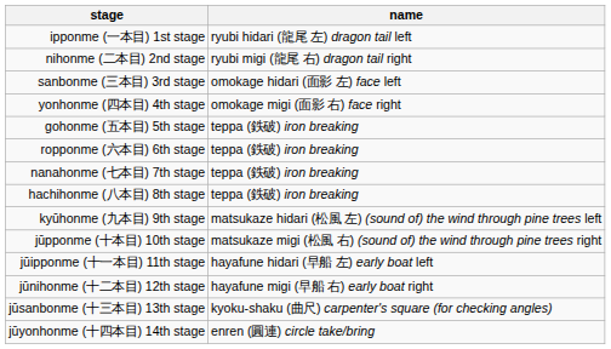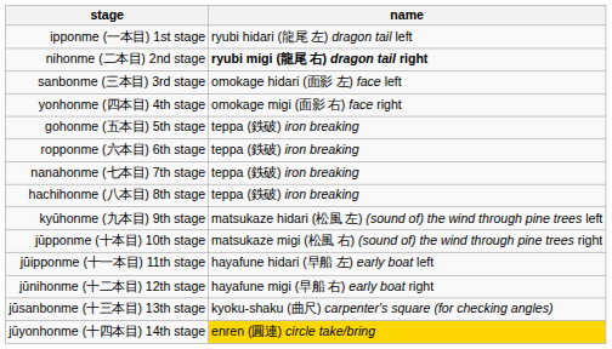 <table class="wikitable" style="margin:1em auto;">
 <tr>
 <th>stage</th>
 <th>name</th>
 </tr>
 <tr>
 <td align="right">ipponme (一本目) 1st stage</td>
 <td>ryubi hidari (龍尾 左) <em>dragon tail</em> left</td>
 </tr>
 <tr>
 <td align="right">nihonme (二本目) 2nd stage</td>
-<td>ryubi migi (龍尾 右) <em>dragon tail</em> right</td>
+<td><strong>ryubi migi (龍尾 右) <em>dragon tail</em> right</strong></td>
 </tr>
 <tr>
 <td align="right">sanbonme (三本目) 3rd stage</td>
 <td>omokage hidari (面影 左) <em>face</em> left</td>
 </tr>
 <tr>
 <td align="right">yonhonme (四本目) 4th stage</td>
 <td>omokage migi (面影 右) <em>face</em> right</td>
 </tr>
 <tr>
 <td align="right">gohonme (五本目) 5th stage</td>
 <td>teppa (鉄破) <em>iron breaking</em></td>
 </tr>
 <tr>
 <td align="right">ropponme (六本目) 6th stage</td>
 <td>teppa (鉄破) <em>iron breaking</em></td>
 </tr>
 <tr>
 <td align="right">nanahonme (七本目) 7th stage</td>
 <td>teppa (鉄破) <em>iron breaking</em></td>
 </tr>
 <tr>
 <td align="right">hachihonme (八本目) 8th stage</td>
 <td>teppa (鉄破) <em>iron breaking</em></td>
 </tr>
 <tr>
 <td align="right">kyūhonme (九本目) 9th stage</td>
 <td>matsukaze hidari (松風 左) <em>(sound of) the wind through pine trees</em> left</td>
 </tr>
 <tr>
 <td align="right">jūpponme (十本目) 10th stage</td>
 <td>matsukaze migi (松風 右) <em>(sound of) the wind through pine trees</em> right</td>
 </tr>
 <tr>
 <td align="right">jūipponme (十一本目) 11th stage</td>
 <td>hayafune hidari (早船 左) <em>early boat</em> left</td>
 </tr>
 <tr>
 <td align="right">jūnihonme (十二本目) 12th stage</td>
 <td>hayafune migi (早船 右) <em>early boat</em> right</td>
 </tr>
 <tr>
 <td align="right">jūsanbonme (十三本目) 13th stage</td>
 <td>kyoku-shaku (曲尺) <em>carpenter's square (for checking angles)</em></td>
 </tr>
 <tr>
 <td align="right">jūyonhonme (十四本目) 14th stage</td>
-<td>enren (圓連) <em>circle take/bring</em></td>
+<td style="background: gold;">enren (圓連) <em>circle take/bring</em></td>
 </tr>
 </table>
